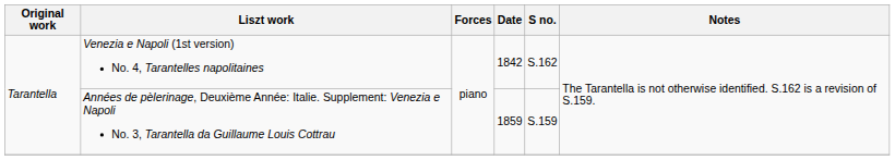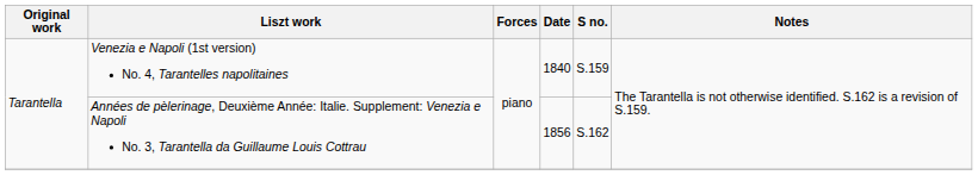 <table class="wikitable">
 <tr>
 <th>Original work</th>
 <th>Liszt work</th>
 <th>Forces</th>
 <th>Date</th>
 <th>S no.</th>
 <th>Notes</th>
 </tr>
 <tr>
 <td rowspan=2><em>Tarantella</em></td>
 <td><em>Venezia e Napoli</em> (1st version)<br><ul><li>No. 4, <em>Tarantelles napolitaines</em></li></ul></td>
 <td rowspan=2 style="text-align: center">piano</td>
-<td>1842</td>
-<td>S.162</td>
+<td>1840</td>
+<td>S.159</td>
 <td rowspan=2>The Tarantella is not otherwise identified.  S.162 is a revision of S.159.</td>
 </tr>
 <tr>
 <td><em>Années de pèlerinage</em>, Deuxième Année: Italie. Supplement: <em>Venezia e Napoli</em><br><ul><li>No. 3, <em>Tarantella da Guillaume Louis Cottrau</em></li></ul></td>
-<td>1859</td>
-<td>S.159</td>
+<td>1856</td>
+<td>S.162</td>
 </tr>
 <tr>
 </tr>
 </table>
